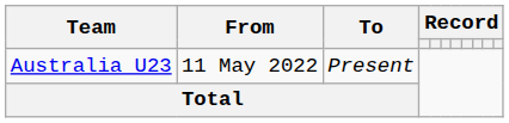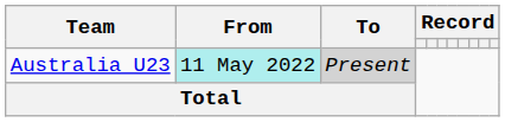 <table class="wikitable" style="text-align: center">
 <tr>
 <th rowspan="2">Team</th>
 <th rowspan="2">From</th>
 <th rowspan="2">To</th>
 <th colspan="8">Record</th>
 </tr>
 <tr>
 <th></th>
 <th></th>
 <th></th>
 <th></th>
 <th></th>
 <th></th>
 <th></th>
 <th></th>
 </tr>
 <tr>
 <td align=left><a href='#'>Australia U23</a></td>
-<td align=left>11 May 2022</td>
-<td align=left><em>Present</em><br></td>
+<td align=left style="background: paleturquoise;">11 May 2022</td>
+<td align=left style="background: lightgrey;"><em>Present</em><br></td>
 </tr>
 <tr>
 <th colspan="3">Total<br></th>
 </tr>
 </table>
